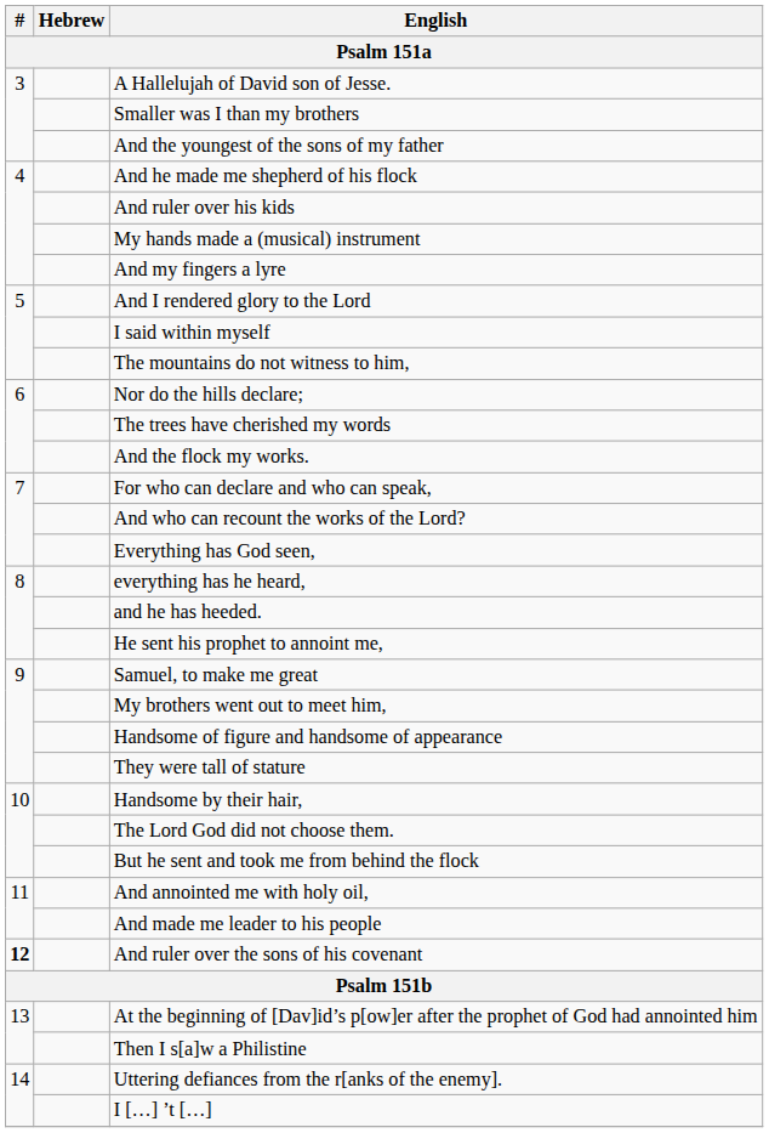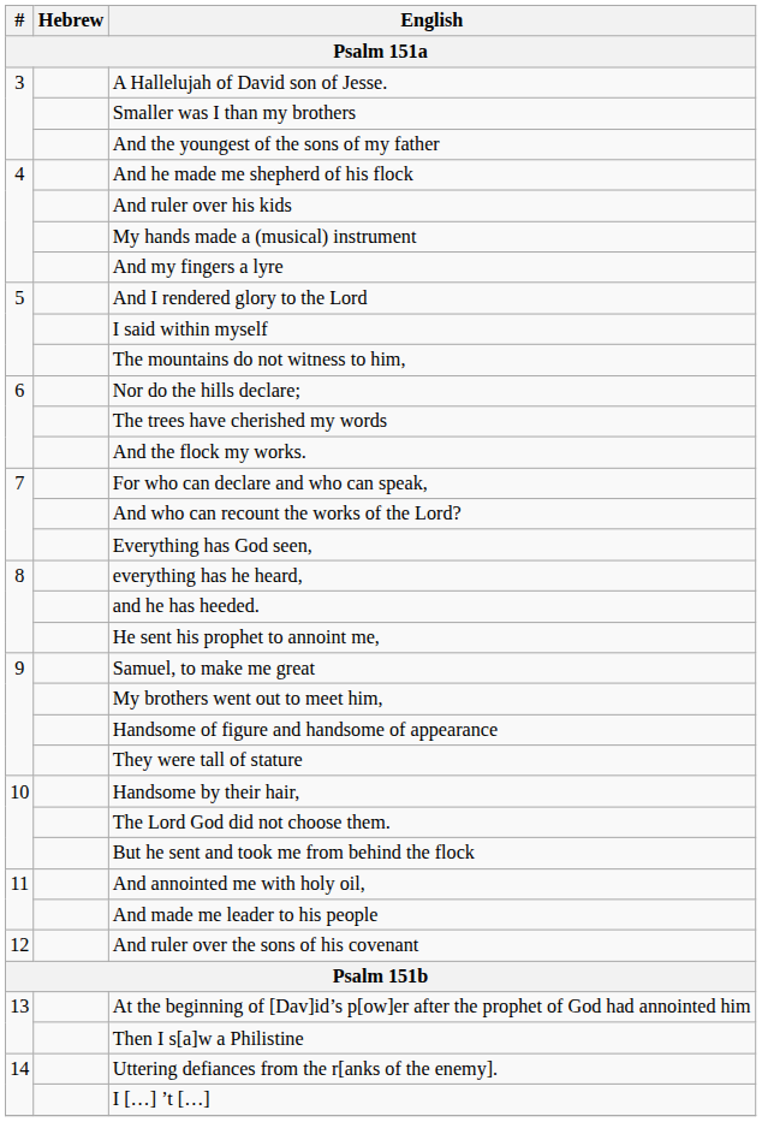 <table class=wikitable>
 <tr>
 <th>#</th>
 <th>Hebrew</th>
 <th>English</th>
 </tr>
 <tr>
 <th colspan=3>Psalm 151a</th>
 </tr>
 <tr>
 <td rowspan=3 style="text-align: center; vertical-align: top">3</td>
 <td style="text-align:right"></td>
 <td>A Hallelujah of David son of Jesse.</td>
 </tr>
 <tr>
 <td style="text-align:right"></td>
 <td>Smaller was I than my brothers</td>
 </tr>
 <tr>
 <td style="text-align:right"></td>
 <td>And the youngest of the sons of my father</td>
 </tr>
 <tr>
 <td rowspan=4 style="text-align: center; vertical-align: top">4</td>
 <td style="text-align:right"></td>
 <td>And he made me shepherd of his flock</td>
 </tr>
 <tr>
 <td style="text-align:right"></td>
 <td>And ruler over his kids</td>
 </tr>
 <tr>
 <td style="text-align:right"></td>
 <td>My hands made a (musical) instrument</td>
 </tr>
 <tr>
 <td style="text-align:right"></td>
 <td>And my fingers a lyre</td>
 </tr>
 <tr>
 <td rowspan=3 style="text-align: center; vertical-align: top">5</td>
 <td style="text-align:right"></td>
 <td>And I rendered glory to the Lord</td>
 </tr>
 <tr>
 <td style="text-align:right"></td>
 <td>I said within myself</td>
 </tr>
 <tr>
 <td style="text-align:right"></td>
 <td>The mountains do not witness to him,</td>
 </tr>
 <tr>
 <td rowspan=3 style="text-align: center; vertical-align: top">6</td>
 <td style="text-align:right"></td>
 <td>Nor do the hills declare;</td>
 </tr>
 <tr>
 <td style="text-align:right"></td>
 <td>The trees have cherished my words</td>
 </tr>
 <tr>
 <td style="text-align:right"></td>
 <td>And the flock my works.</td>
 </tr>
 <tr>
 <td rowspan=3 style="text-align: center; vertical-align: top">7</td>
 <td style="text-align:right"></td>
 <td>For who can declare and who can speak,</td>
 </tr>
 <tr>
 <td style="text-align:right"></td>
 <td>And who can recount the works of the Lord?</td>
 </tr>
 <tr>
 <td style="text-align:right"></td>
 <td>Everything has God seen,</td>
 </tr>
 <tr>
 <td rowspan=3 style="text-align: center; vertical-align: top">8</td>
 <td style="text-align:right"></td>
 <td>everything has he heard,</td>
 </tr>
 <tr>
 <td style="text-align:right"></td>
 <td>and he has heeded.</td>
 </tr>
 <tr>
 <td style="text-align:right"></td>
 <td>He sent his prophet to annoint me,</td>
 </tr>
 <tr>
 <td rowspan=4 style="text-align: center; vertical-align: top">9</td>
 <td style="text-align:right"></td>
 <td>Samuel, to make me great</td>
 </tr>
 <tr>
 <td style="text-align:right"></td>
 <td>My brothers went out to meet him,</td>
 </tr>
 <tr>
 <td style="text-align:right"></td>
 <td>Handsome of figure and handsome of appearance</td>
 </tr>
 <tr>
 <td style="text-align:right"></td>
 <td>They were tall of stature</td>
 </tr>
 <tr>
 <td rowspan=3 style="text-align: center; vertical-align: top">10</td>
 <td style="text-align:right"></td>
 <td>Handsome by their hair,</td>
 </tr>
 <tr>
 <td style="text-align:right"></td>
 <td>The Lord God did not choose them.</td>
 </tr>
 <tr>
 <td style="text-align:right"></td>
 <td>But he sent and took me from behind the flock</td>
 </tr>
 <tr>
 <td rowspan=2 style="text-align: center; vertical-align: top">11</td>
 <td style="text-align:right"></td>
 <td>And annointed me with holy oil,</td>
 </tr>
 <tr>
 <td style="text-align:right"></td>
 <td>And made me leader to his people</td>
 </tr>
 <tr>
-<td style="text-align: center; vertical-align: top"><strong>12</strong></td>
+<td style="text-align: center; vertical-align: top">12</td>
 <td style="text-align:right"></td>
 <td>And ruler over the sons of his covenant</td>
 </tr>
 <tr>
 <th colspan=3>Psalm 151b</th>
 </tr>
 <tr>
 <td rowspan=2 style="text-align: center; vertical-align: top">13</td>
 <td style="text-align:right"></td>
 <td>At the beginning of [Dav]id’s p[ow]er after the prophet of God had annointed him</td>
 </tr>
 <tr>
 <td style="text-align:right"></td>
 <td>Then I s[a]w a Philistine</td>
 </tr>
 <tr>
 <td rowspan=2 style="text-align: center; vertical-align: top">14</td>
 <td style="text-align:right"></td>
 <td>Uttering defiances from the r[anks of the enemy].</td>
 </tr>
 <tr>
 <td style="text-align:right"></td>
 <td>I   […]  ’t […]</td>
 </tr>
 <tr>
 </tr>
 </table>
